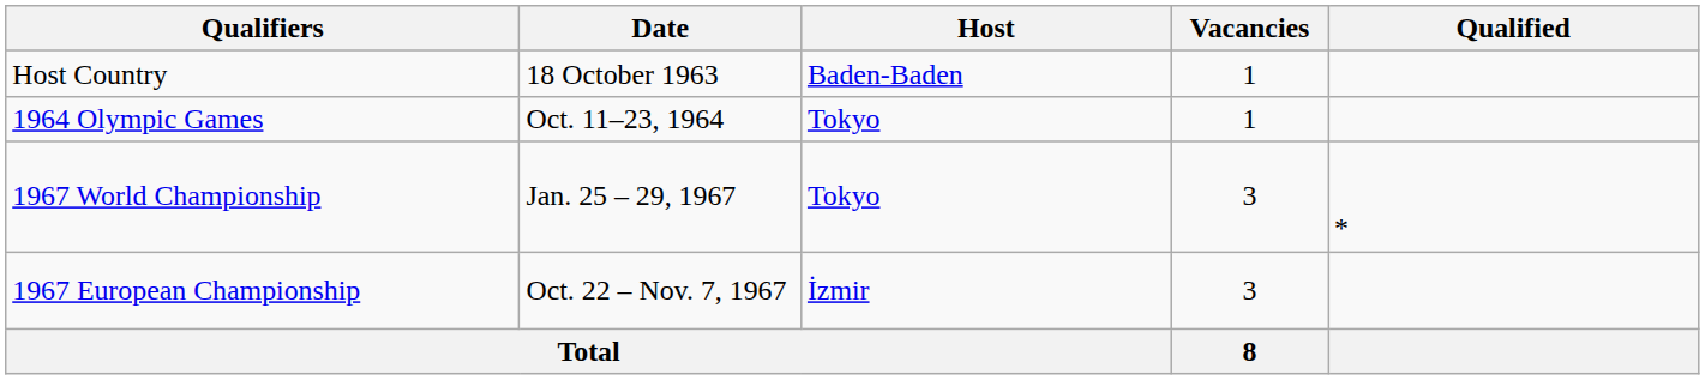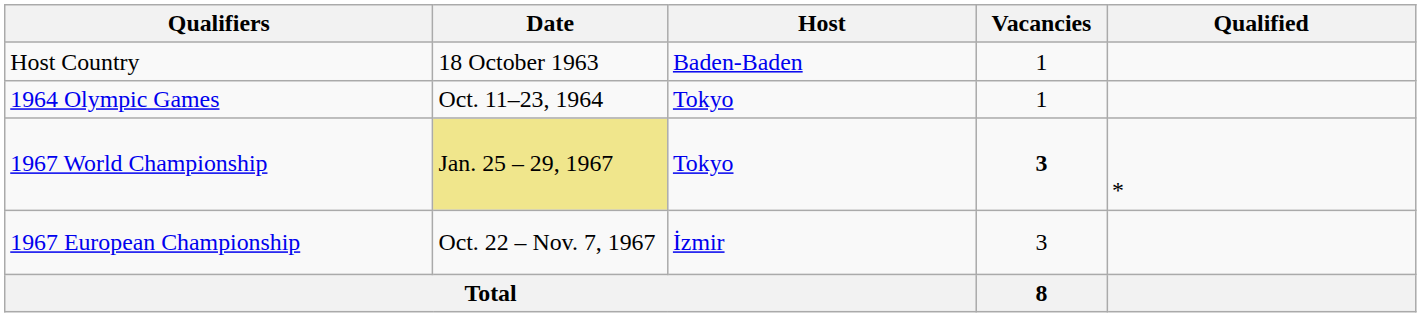 <table class="wikitable">
 <tr>
 <th width=280>Qualifiers</th>
 <th width=150>Date</th>
 <th width=200>Host</th>
 <th width=80>Vacancies</th>
 <th width=200>Qualified</th>
 </tr>
 <tr>
 <td>Host Country</td>
 <td>18 October 1963</td>
 <td> <a href='#'>Baden-Baden</a></td>
 <td align="center">1</td>
 <td></td>
 </tr>
 <tr>
 <td><a href='#'>1964 Olympic Games</a></td>
 <td>Oct. 11–23, 1964</td>
 <td> <a href='#'>Tokyo</a></td>
 <td align="center">1</td>
 <td></td>
 </tr>
 <tr>
 <td><a href='#'>1967 World Championship</a></td>
-<td>Jan. 25 – 29, 1967</td>
+<td style="background: khaki;">Jan. 25 – 29, 1967</td>
 <td> <a href='#'>Tokyo</a></td>
-<td align="center">3</td>
+<td align="center"><strong>3</strong></td>
 <td><br><br>*</td>
 </tr>
 <tr>
 <td><a href='#'>1967 European Championship</a></td>
 <td>Oct. 22 – Nov. 7, 1967</td>
 <td> <a href='#'>İzmir</a></td>
 <td align="center">3</td>
 <td><br><br></td>
 </tr>
 <tr>
 <th colspan="3">Total</th>
 <th>8</th>
 <th></th>
 </tr>
 </table>
